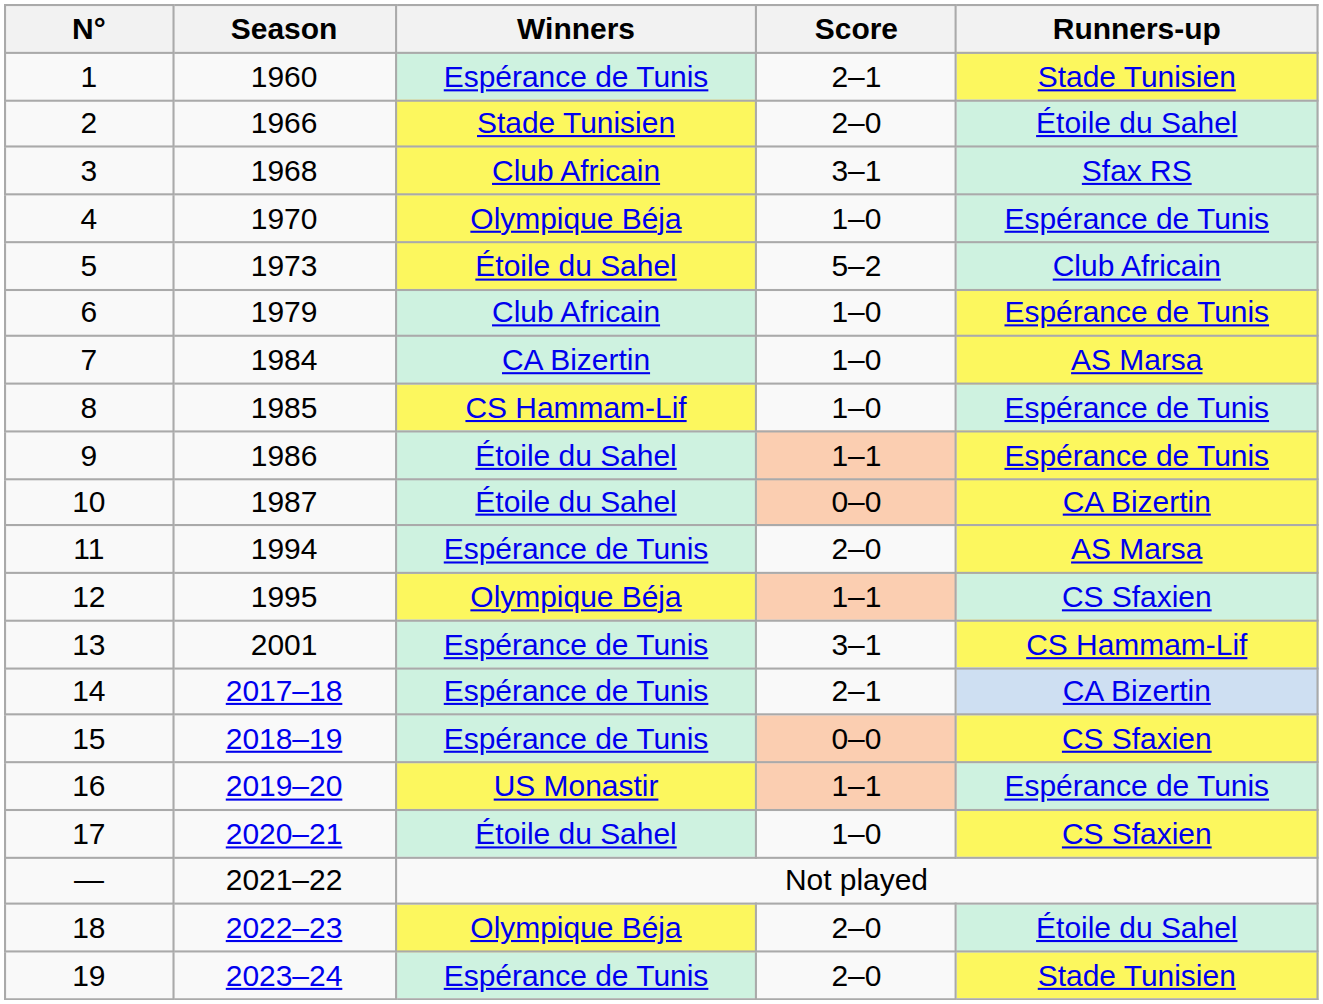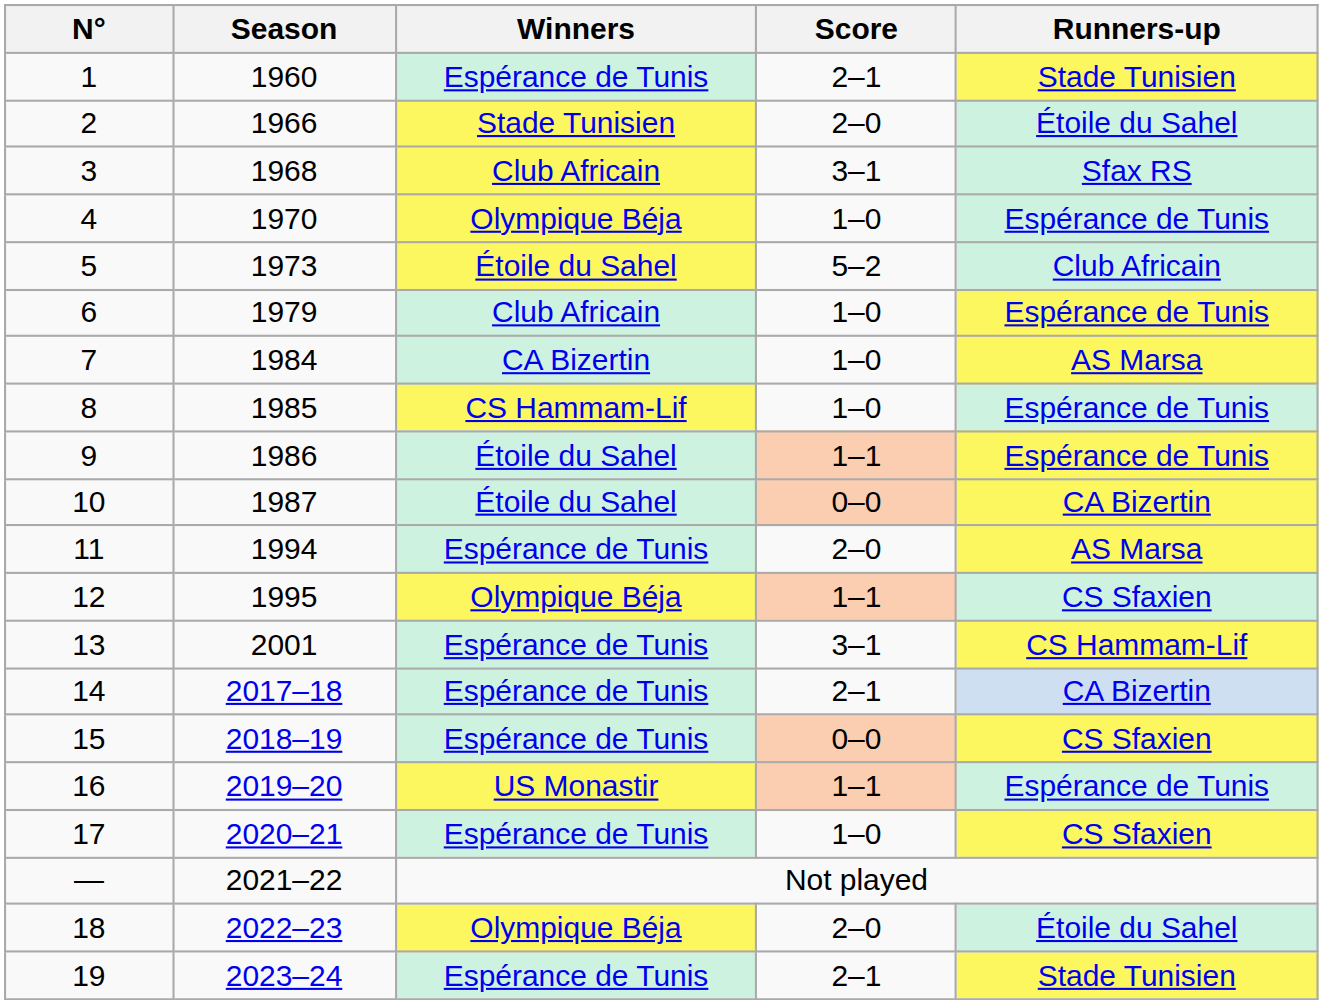 <table class="wikitable" style="font-size:90%; text-align:center; width:50%;">
 <tr>
 <th width="5%">N°</th>
 <th width="5%">Season</th>
 <th width="10%">Winners</th>
 <th width="5%">Score</th>
 <th width="10%">Runners-up</th>
 </tr>
 <tr>
 <td>1</td>
 <td>1960</td>
 <td style="background-color:#cef2e0"><a href='#'>Espérance de Tunis</a></td>
 <td>2–1</td>
 <td style="background-color:#FCF75E"><a href='#'>Stade Tunisien</a></td>
 </tr>
 <tr>
 <td>2</td>
 <td>1966</td>
 <td style="background-color:#FCF75E"><a href='#'>Stade Tunisien</a></td>
 <td>2–0</td>
 <td style="background-color:#cef2e0"><a href='#'>Étoile du Sahel</a></td>
 </tr>
 <tr>
 <td>3</td>
 <td>1968</td>
 <td style="background-color:#FCF75E"><a href='#'>Club Africain</a></td>
 <td>3–1</td>
 <td style="background-color:#cef2e0"><a href='#'>Sfax RS</a></td>
 </tr>
 <tr>
 <td>4</td>
 <td>1970</td>
 <td style="background-color:#FCF75E"><a href='#'>Olympique Béja</a></td>
 <td>1–0</td>
 <td style="background-color:#cef2e0"><a href='#'>Espérance de Tunis</a></td>
 </tr>
 <tr>
 <td>5</td>
 <td>1973</td>
 <td style="background-color:#FCF75E"><a href='#'>Étoile du Sahel</a></td>
 <td>5–2</td>
 <td style="background-color:#cef2e0"><a href='#'>Club Africain</a></td>
 </tr>
 <tr>
 <td>6</td>
 <td>1979</td>
 <td style="background-color:#cef2e0"><a href='#'>Club Africain</a></td>
 <td>1–0</td>
 <td style="background-color:#FCF75E"><a href='#'>Espérance de Tunis</a></td>
 </tr>
 <tr>
 <td>7</td>
 <td>1984</td>
 <td style="background-color:#cef2e0"><a href='#'>CA Bizertin</a></td>
 <td>1–0</td>
 <td style="background-color:#FCF75E"><a href='#'>AS Marsa</a></td>
 </tr>
 <tr>
 <td>8</td>
 <td>1985</td>
 <td style="background-color:#FCF75E"><a href='#'>CS Hammam-Lif</a></td>
 <td>1–0</td>
 <td style="background-color:#cef2e0"><a href='#'>Espérance de Tunis</a></td>
 </tr>
 <tr>
 <td>9</td>
 <td>1986</td>
 <td style="background-color:#cef2e0"><a href='#'>Étoile du Sahel</a></td>
 <td bgcolor="#FBCEB1">1–1 </td>
 <td style="background-color:#FCF75E"><a href='#'>Espérance de Tunis</a></td>
 </tr>
 <tr>
 <td>10</td>
 <td>1987</td>
 <td style="background-color:#cef2e0"><a href='#'>Étoile du Sahel</a></td>
 <td bgcolor="#FBCEB1">0–0 </td>
 <td style="background-color:#FCF75E"><a href='#'>CA Bizertin</a></td>
 </tr>
 <tr>
 <td>11</td>
 <td>1994</td>
 <td style="background-color:#cef2e0"><a href='#'>Espérance de Tunis</a></td>
 <td>2–0</td>
 <td style="background-color:#FCF75E"><a href='#'>AS Marsa</a></td>
 </tr>
 <tr>
 <td>12</td>
 <td>1995</td>
 <td style="background-color:#FCF75E"><a href='#'>Olympique Béja</a></td>
 <td bgcolor="#FBCEB1">1–1 </td>
 <td style="background-color:#cef2e0"><a href='#'>CS Sfaxien</a></td>
 </tr>
 <tr>
 <td>13</td>
 <td>2001</td>
 <td style="background-color:#cef2e0"><a href='#'>Espérance de Tunis</a></td>
 <td>3–1</td>
 <td style="background-color:#FCF75E"><a href='#'>CS Hammam-Lif</a></td>
 </tr>
 <tr>
 <td>14</td>
 <td><a href='#'>2017–18</a></td>
 <td style="background-color:#cef2e0"><a href='#'>Espérance de Tunis</a></td>
 <td>2–1</td>
 <td style="background-color:#cedff2"><a href='#'>CA Bizertin</a></td>
 </tr>
 <tr>
 <td>15</td>
 <td><a href='#'>2018–19</a></td>
 <td style="background-color:#cef2e0"><a href='#'>Espérance de Tunis</a></td>
 <td bgcolor="#FBCEB1">0–0 </td>
 <td style="background-color:#FCF75E"><a href='#'>CS Sfaxien</a></td>
 </tr>
 <tr>
 <td>16</td>
 <td><a href='#'>2019–20</a></td>
 <td style="background-color:#FCF75E"><a href='#'>US Monastir</a></td>
 <td bgcolor="#FBCEB1">1–1 </td>
 <td style="background-color:#cef2e0"><a href='#'>Espérance de Tunis</a></td>
 </tr>
 <tr>
 <td>17</td>
 <td><a href='#'>2020–21</a></td>
-<td style="background-color:#cef2e0"><a href='#'>Étoile du Sahel</a></td>
+<td style="background-color:#cef2e0"><a href='#'>Espérance de Tunis</a></td>
 <td>1–0</td>
 <td style="background-color:#FCF75E"><a href='#'>CS Sfaxien</a></td>
 </tr>
 <tr>
 <td>—</td>
 <td>2021–22</td>
 <td colspan=3>Not played</td>
 </tr>
 <tr>
 <td>18</td>
 <td><a href='#'>2022–23</a></td>
 <td style="background-color:#FCF75E"><a href='#'>Olympique Béja</a></td>
 <td>2–0</td>
 <td style="background-color:#cef2e0"><a href='#'>Étoile du Sahel</a></td>
 </tr>
 <tr>
 <td>19</td>
 <td><a href='#'>2023–24</a></td>
 <td style="background-color:#CEf2E0"><a href='#'>Espérance de Tunis</a></td>
-<td>2–0</td>
+<td>2–1</td>
 <td style="background-color:#FCF75E"><a href='#'>Stade Tunisien</a></td>
 </tr>
 </table>
